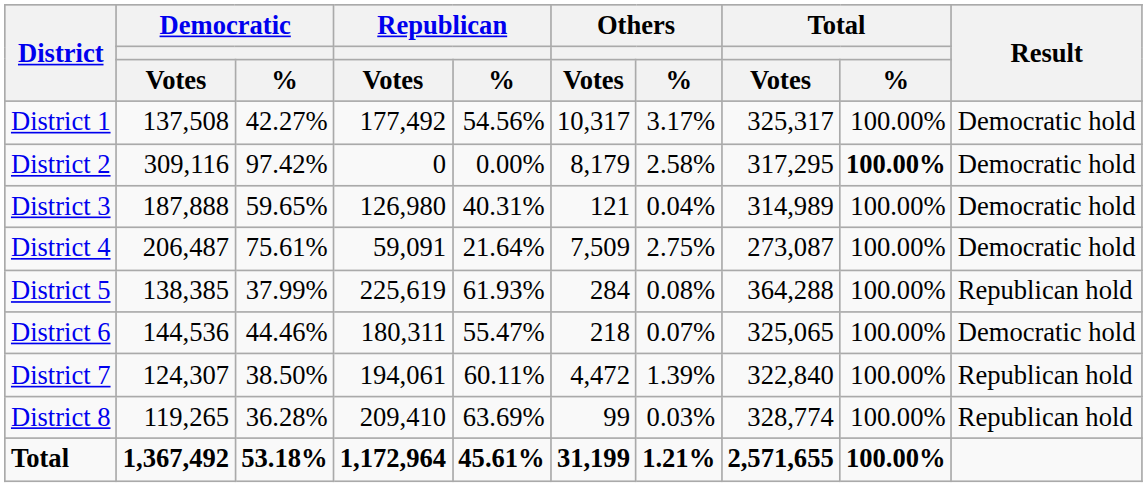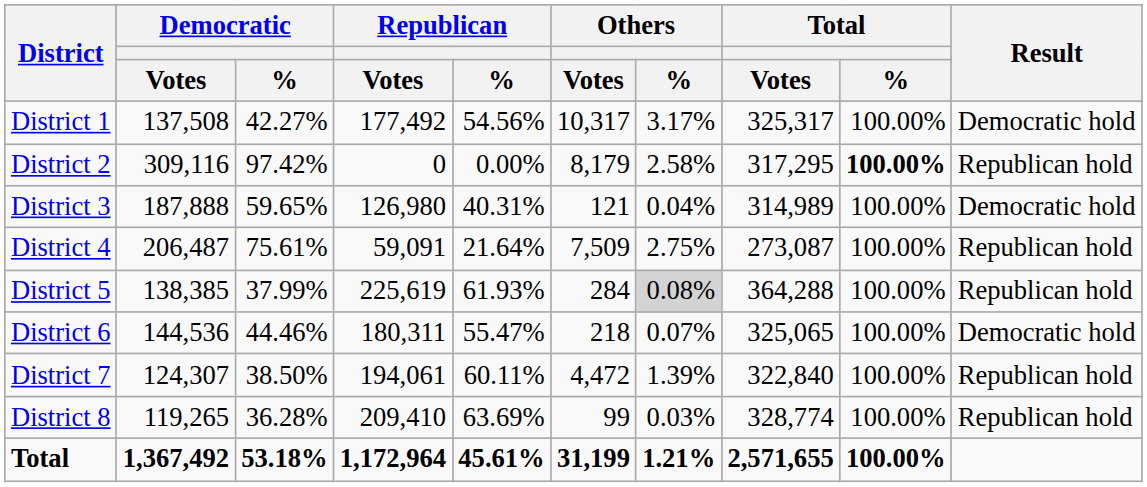 <table class="wikitable plainrowheaders sortable" style="font-size:100%; text-align:right;">
 <tr>
 <th scope=col rowspan=3><a href='#'>District</a></th>
 <th scope=col colspan=2><a href='#'>Democratic</a></th>
 <th scope=col colspan=2><a href='#'>Republican</a></th>
 <th scope=col colspan=2>Others</th>
 <th scope=col colspan=2>Total</th>
 <th scope=col rowspan=3>Result</th>
 </tr>
 <tr>
 <th scope=col colspan=2 style="background:"></th>
 <th scope=col colspan=2 style="background:"></th>
 <th scope=col colspan=2></th>
 <th scope=col colspan=2></th>
 </tr>
 <tr>
 <th scope=col data-sort-type="number">Votes</th>
 <th scope=col data-sort-type="number">%</th>
 <th scope=col data-sort-type="number">Votes</th>
 <th scope=col data-sort-type="number">%</th>
 <th scope=col data-sort-type="number">Votes</th>
 <th scope=col data-sort-type="number">%</th>
 <th scope=col data-sort-type="number">Votes</th>
 <th scope=col data-sort-type="number">%</th>
 </tr>
 <tr>
 <td align=left><a href='#'>District 1</a></td>
 <td>137,508</td>
 <td>42.27%</td>
 <td>177,492</td>
 <td>54.56%</td>
 <td>10,317</td>
 <td>3.17%</td>
 <td>325,317</td>
 <td>100.00%</td>
 <td align=left>Democratic hold</td>
 </tr>
 <tr>
 <td align=left><a href='#'>District 2</a></td>
 <td>309,116</td>
 <td>97.42%</td>
 <td>0</td>
 <td>0.00%</td>
 <td>8,179</td>
 <td>2.58%</td>
 <td>317,295</td>
 <td><strong>100.00%</strong></td>
-<td align=left>Democratic hold</td>
+<td align=left>Republican hold</td>
 </tr>
 <tr>
 <td align=left><a href='#'>District 3</a></td>
 <td>187,888</td>
 <td>59.65%</td>
 <td>126,980</td>
 <td>40.31%</td>
 <td>121</td>
 <td>0.04%</td>
 <td>314,989</td>
 <td>100.00%</td>
 <td align=left>Democratic hold</td>
 </tr>
 <tr>
 <td align=left><a href='#'>District 4</a></td>
 <td>206,487</td>
 <td>75.61%</td>
 <td>59,091</td>
 <td>21.64%</td>
 <td>7,509</td>
 <td>2.75%</td>
 <td>273,087</td>
 <td>100.00%</td>
-<td align=left>Democratic hold</td>
+<td align=left>Republican hold</td>
 </tr>
 <tr>
 <td align=left><a href='#'>District 5</a></td>
 <td>138,385</td>
 <td>37.99%</td>
 <td>225,619</td>
 <td>61.93%</td>
 <td>284</td>
-<td>0.08%</td>
+<td style="background: lightgrey;">0.08%</td>
 <td>364,288</td>
 <td>100.00%</td>
 <td align=left>Republican hold</td>
 </tr>
 <tr>
 <td align=left><a href='#'>District 6</a></td>
 <td>144,536</td>
 <td>44.46%</td>
 <td>180,311</td>
 <td>55.47%</td>
 <td>218</td>
 <td>0.07%</td>
 <td>325,065</td>
 <td>100.00%</td>
 <td align=left>Democratic hold</td>
 </tr>
 <tr>
 <td align=left><a href='#'>District 7</a></td>
 <td>124,307</td>
 <td>38.50%</td>
 <td>194,061</td>
 <td>60.11%</td>
 <td>4,472</td>
 <td>1.39%</td>
 <td>322,840</td>
 <td>100.00%</td>
 <td align=left>Republican hold</td>
 </tr>
 <tr>
 <td align=left><a href='#'>District 8</a></td>
 <td>119,265</td>
 <td>36.28%</td>
 <td>209,410</td>
 <td>63.69%</td>
 <td>99</td>
 <td>0.03%</td>
 <td>328,774</td>
 <td>100.00%</td>
 <td align=left>Republican hold</td>
 </tr>
 <tr class="sortbottom" style="font-weight:bold">
 <td align=left>Total</td>
 <td>1,367,492</td>
 <td>53.18%</td>
 <td>1,172,964</td>
 <td>45.61%</td>
 <td>31,199</td>
 <td>1.21%</td>
 <td>2,571,655</td>
 <td>100.00%</td>
 <td></td>
 </tr>
 </table>
